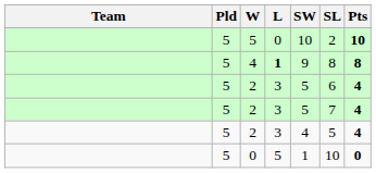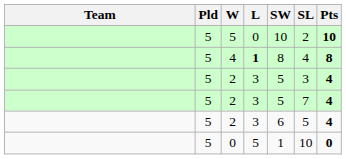 <table class=wikitable style="text-align:center">
 <tr>
 <th width=220>Team</th>
 <th width=20>Pld</th>
 <th width=20>W</th>
 <th width=20>L</th>
 <th width=20>SW</th>
 <th width=20>SL</th>
 <th width=20>Pts</th>
 </tr>
 <tr bgcolor=ccffcc>
 <td align=left></td>
 <td>5</td>
 <td>5</td>
 <td>0</td>
 <td>10</td>
 <td>2</td>
 <td><strong>10</strong></td>
 </tr>
 <tr bgcolor=ccffcc>
 <td align=left></td>
 <td>5</td>
 <td>4</td>
 <td><strong>1</strong></td>
-<td>9</td>
 <td>8</td>
+<td>4</td>
 <td><strong>8</strong></td>
 </tr>
 <tr bgcolor=ccffcc>
 <td align=left></td>
 <td>5</td>
 <td>2</td>
 <td>3</td>
 <td>5</td>
-<td>6</td>
+<td>3</td>
 <td><strong>4</strong></td>
 </tr>
 <tr bgcolor=ccffcc>
 <td align=left></td>
 <td>5</td>
 <td>2</td>
 <td>3</td>
 <td>5</td>
 <td>7</td>
 <td><strong>4</strong></td>
 </tr>
 <tr>
 <td align=left></td>
 <td>5</td>
 <td>2</td>
 <td>3</td>
-<td>4</td>
+<td>6</td>
 <td>5</td>
 <td><strong>4</strong></td>
 </tr>
 <tr>
 <td align=left></td>
 <td>5</td>
 <td>0</td>
 <td>5</td>
 <td>1</td>
 <td>10</td>
 <td><strong>0</strong></td>
 </tr>
 </table>
